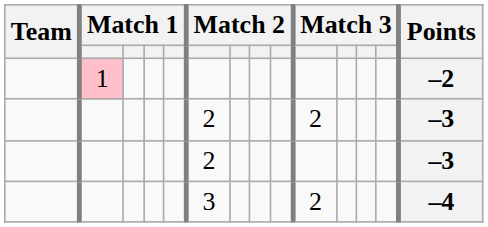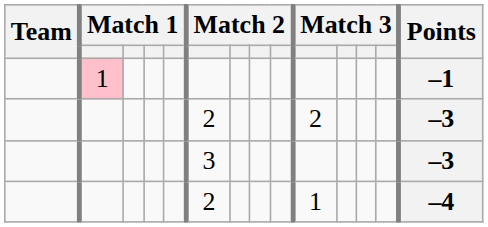 <table class="wikitable sortable" style="text-align:center;">
 <tr>
 <th rowspan=2>Team</th>
 <th colspan=4 style="border-left:3px solid gray">Match 1</th>
 <th colspan=4 style="border-left:3px solid gray">Match 2</th>
 <th colspan=4 style="border-left:3px solid gray">Match 3</th>
 <th rowspan=2 style="border-left:3px solid gray">Points</th>
 </tr>
 <tr>
 <th style="border-left:3px solid gray"></th>
 <th></th>
 <th></th>
 <th></th>
 <th style="border-left:3px solid gray"></th>
 <th></th>
 <th></th>
 <th></th>
 <th style="border-left:3px solid gray"></th>
 <th></th>
 <th></th>
 <th></th>
 </tr>
 <tr>
 <td align=left></td>
 <td style="background: pink; border-left:3px solid gray">1</td>
 <td></td>
 <td></td>
 <td></td>
 <td style="border-left:3px solid gray"></td>
 <td></td>
 <td></td>
 <td></td>
 <td style="border-left:3px solid gray"></td>
 <td></td>
 <td></td>
 <td></td>
-<th style="border-left:3px solid gray">–2</th>
+<th style="border-left:3px solid gray">–1</th>
 </tr>
 <tr>
 <td align=left></td>
 <td style="border-left:3px solid gray"></td>
 <td></td>
 <td></td>
 <td></td>
 <td style="border-left:3px solid gray">2</td>
 <td></td>
 <td></td>
 <td></td>
 <td style="border-left:3px solid gray">2</td>
 <td></td>
 <td></td>
 <td></td>
 <th style="border-left:3px solid gray">–3</th>
 </tr>
 <tr>
 <td align=left></td>
 <td style="border-left:3px solid gray"></td>
 <td></td>
 <td></td>
 <td></td>
-<td style="border-left:3px solid gray">2</td>
+<td style="border-left:3px solid gray">3</td>
 <td></td>
 <td></td>
 <td></td>
 <td style="border-left:3px solid gray"></td>
 <td></td>
 <td></td>
 <td></td>
 <th style="border-left:3px solid gray">–3</th>
 </tr>
 <tr>
 <td align=left></td>
 <td style="border-left:3px solid gray"></td>
 <td></td>
 <td></td>
 <td></td>
-<td style="border-left:3px solid gray">3</td>
+<td style="border-left:3px solid gray">2</td>
 <td></td>
 <td></td>
 <td></td>
-<td style="border-left:3px solid gray">2</td>
+<td style="border-left:3px solid gray">1</td>
 <td></td>
 <td></td>
 <td></td>
 <th style="border-left:3px solid gray">–4</th>
 </tr>
 </table>
